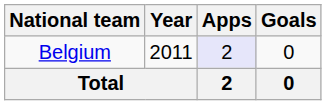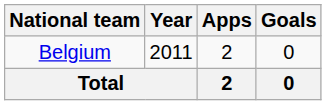 <table class="wikitable" style="text-align:center">
 <tr>
 <th>National team</th>
 <th>Year</th>
 <th>Apps</th>
 <th>Goals</th>
 </tr>
 <tr>
 <td><a href='#'>Belgium</a></td>
 <td>2011</td>
-<td style="background: lavender;">2</td>
+<td>2</td>
 <td>0</td>
 </tr>
 <tr>
 <th colspan="2">Total</th>
 <th>2</th>
 <th>0</th>
 </tr>
 </table>
